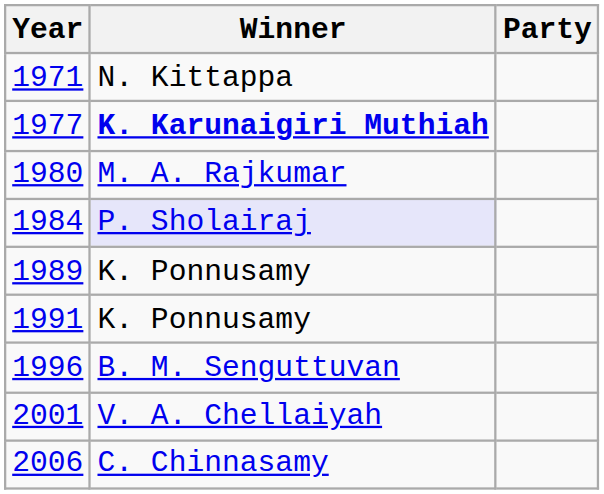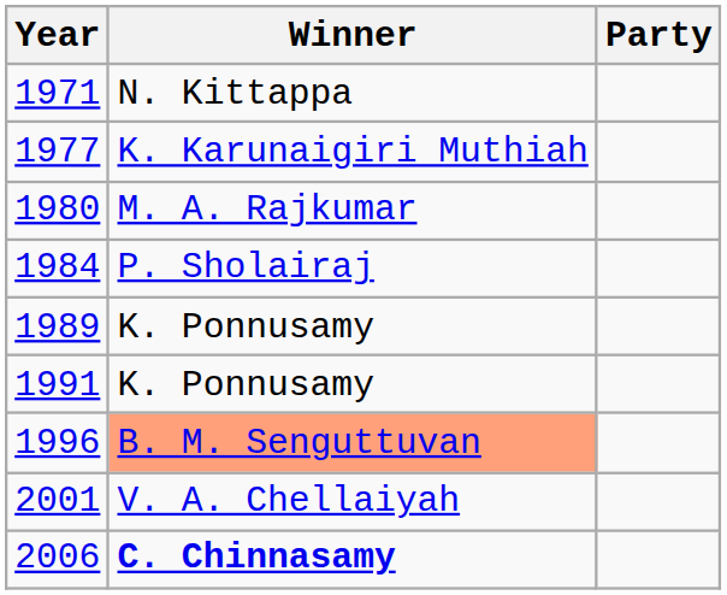 <table class="wikitable sortable">
 <tr>
 <th>Year</th>
 <th>Winner</th>
 <th colspan="2">Party</th>
 </tr>
 <tr>
 <td><a href='#'>1971</a></td>
 <td>N. Kittappa</td>
 <td></td>
 </tr>
 <tr>
 <td><a href='#'>1977</a></td>
-<td><strong><a href='#'>K. Karunaigiri Muthiah</a></strong></td>
+<td><a href='#'>K. Karunaigiri Muthiah</a></td>
 <td></td>
 </tr>
 <tr>
 <td><a href='#'>1980</a></td>
 <td><a href='#'>M. A. Rajkumar</a></td>
 <td></td>
 </tr>
 <tr>
 <td><a href='#'>1984</a></td>
-<td style="background: lavender;"><a href='#'>P. Sholairaj</a></td>
+<td><a href='#'>P. Sholairaj</a></td>
 <td></td>
 </tr>
 <tr>
 <td><a href='#'>1989</a></td>
 <td>K. Ponnusamy</td>
 <td></td>
 </tr>
 <tr>
 <td><a href='#'>1991</a></td>
 <td>K. Ponnusamy</td>
 <td></td>
 </tr>
 <tr>
 <td><a href='#'>1996</a></td>
-<td><a href='#'>B. M. Senguttuvan</a></td>
+<td style="background: lightsalmon;"><a href='#'>B. M. Senguttuvan</a></td>
 <td></td>
 </tr>
 <tr>
 <td><a href='#'>2001</a></td>
 <td><a href='#'>V. A. Chellaiyah</a></td>
 <td></td>
 </tr>
 <tr>
 <td><a href='#'>2006</a></td>
-<td><a href='#'>C. Chinnasamy</a></td>
+<td><strong><a href='#'>C. Chinnasamy</a></strong></td>
 <td></td>
 </tr>
 </table>
